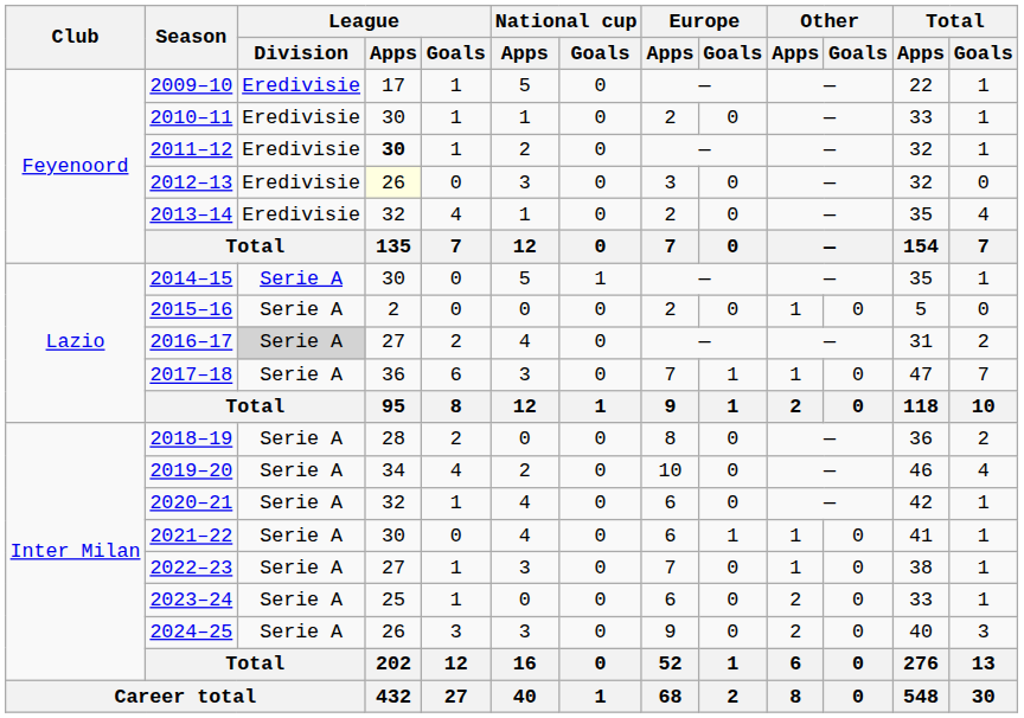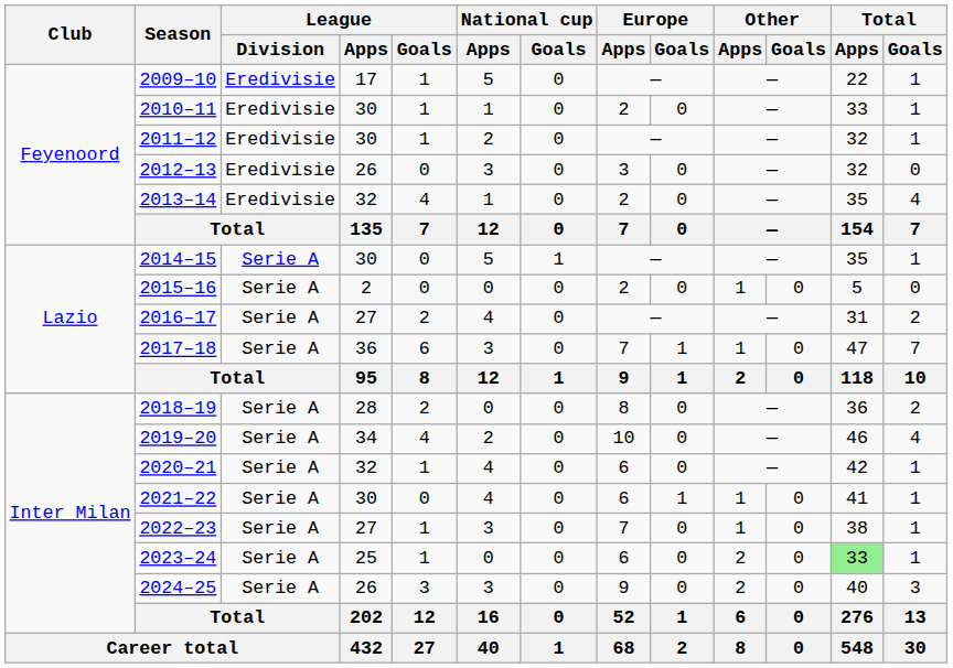 <table class="wikitable" style="text-align:center">
 <tr>
 <th rowspan="2">Club</th>
 <th rowspan="2">Season</th>
 <th colspan="3">League</th>
 <th colspan="2">National cup</th>
 <th colspan="2">Europe</th>
 <th colspan="2">Other</th>
 <th colspan="2">Total</th>
 </tr>
 <tr>
 <th>Division</th>
 <th>Apps</th>
 <th>Goals</th>
 <th>Apps</th>
 <th>Goals</th>
 <th>Apps</th>
 <th>Goals</th>
 <th>Apps</th>
 <th>Goals</th>
 <th>Apps</th>
 <th>Goals</th>
 </tr>
 <tr>
 <td rowspan="6"><a href='#'>Feyenoord</a></td>
 <td><a href='#'>2009–10</a></td>
 <td><a href='#'>Eredivisie</a></td>
 <td>17</td>
 <td>1</td>
 <td>5</td>
 <td>0</td>
 <td colspan="2">—</td>
 <td colspan="2">—</td>
 <td>22</td>
 <td>1</td>
 </tr>
 <tr>
 <td><a href='#'>2010–11</a></td>
 <td>Eredivisie</td>
 <td>30</td>
 <td>1</td>
 <td>1</td>
 <td>0</td>
 <td>2</td>
 <td>0</td>
 <td colspan="2">—</td>
 <td>33</td>
 <td>1</td>
 </tr>
 <tr>
 <td><a href='#'>2011–12</a></td>
 <td>Eredivisie</td>
-<td><strong>30</strong></td>
+<td>30</td>
 <td>1</td>
 <td>2</td>
 <td>0</td>
 <td colspan="2">—</td>
 <td colspan="2">—</td>
 <td>32</td>
 <td>1</td>
 </tr>
 <tr>
 <td><a href='#'>2012–13</a></td>
 <td>Eredivisie</td>
-<td style="background: lightyellow;">26</td>
+<td>26</td>
 <td>0</td>
 <td>3</td>
 <td>0</td>
 <td>3</td>
 <td>0</td>
 <td colspan="2">—</td>
 <td>32</td>
 <td>0</td>
 </tr>
 <tr>
 <td><a href='#'>2013–14</a></td>
 <td>Eredivisie</td>
 <td>32</td>
 <td>4</td>
 <td>1</td>
 <td>0</td>
 <td>2</td>
 <td>0</td>
 <td colspan="2">—</td>
 <td>35</td>
 <td>4</td>
 </tr>
 <tr>
 <th colspan="2">Total</th>
 <th>135</th>
 <th>7</th>
 <th>12</th>
 <th>0</th>
 <th>7</th>
 <th>0</th>
 <th colspan="2">—</th>
 <th>154</th>
 <th>7</th>
 </tr>
 <tr>
 <td rowspan="5"><a href='#'>Lazio</a></td>
 <td><a href='#'>2014–15</a></td>
 <td><a href='#'>Serie A</a></td>
 <td>30</td>
 <td>0</td>
 <td>5</td>
 <td>1</td>
 <td colspan="2">—</td>
 <td colspan="2">—</td>
 <td>35</td>
 <td>1</td>
 </tr>
 <tr>
 <td><a href='#'>2015–16</a></td>
 <td>Serie A</td>
 <td>2</td>
 <td>0</td>
 <td>0</td>
 <td>0</td>
 <td>2</td>
 <td>0</td>
 <td>1</td>
 <td>0</td>
 <td>5</td>
 <td>0</td>
 </tr>
 <tr>
 <td><a href='#'>2016–17</a></td>
-<td style="background: lightgrey;">Serie A</td>
+<td>Serie A</td>
 <td>27</td>
 <td>2</td>
 <td>4</td>
 <td>0</td>
 <td colspan="2">—</td>
 <td colspan="2">—</td>
 <td>31</td>
 <td>2</td>
 </tr>
 <tr>
 <td><a href='#'>2017–18</a></td>
 <td>Serie A</td>
 <td>36</td>
 <td>6</td>
 <td>3</td>
 <td>0</td>
 <td>7</td>
 <td>1</td>
 <td>1</td>
 <td>0</td>
 <td>47</td>
 <td>7</td>
 </tr>
 <tr>
 <th colspan="2">Total</th>
 <th>95</th>
 <th>8</th>
 <th>12</th>
 <th>1</th>
 <th>9</th>
 <th>1</th>
 <th>2</th>
 <th>0</th>
 <th>118</th>
 <th>10</th>
 </tr>
 <tr>
 <td rowspan="8"><a href='#'>Inter Milan</a></td>
 <td><a href='#'>2018–19</a></td>
 <td>Serie A</td>
 <td>28</td>
 <td>2</td>
 <td>0</td>
 <td>0</td>
 <td>8</td>
 <td>0</td>
 <td colspan="2">—</td>
 <td>36</td>
 <td>2</td>
 </tr>
 <tr>
 <td><a href='#'>2019–20</a></td>
 <td>Serie A</td>
 <td>34</td>
 <td>4</td>
 <td>2</td>
 <td>0</td>
 <td>10</td>
 <td>0</td>
 <td colspan="2">—</td>
 <td>46</td>
 <td>4</td>
 </tr>
 <tr>
 <td><a href='#'>2020–21</a></td>
 <td>Serie A</td>
 <td>32</td>
 <td>1</td>
 <td>4</td>
 <td>0</td>
 <td>6</td>
 <td>0</td>
 <td colspan="2">—</td>
 <td>42</td>
 <td>1</td>
 </tr>
 <tr>
 <td><a href='#'>2021–22</a></td>
 <td>Serie A</td>
 <td>30</td>
 <td>0</td>
 <td>4</td>
 <td>0</td>
 <td>6</td>
 <td>1</td>
 <td>1</td>
 <td>0</td>
 <td>41</td>
 <td>1</td>
 </tr>
 <tr>
 <td><a href='#'>2022–23</a></td>
 <td>Serie A</td>
 <td>27</td>
 <td>1</td>
 <td>3</td>
 <td>0</td>
 <td>7</td>
 <td>0</td>
 <td>1</td>
 <td>0</td>
 <td>38</td>
 <td>1</td>
 </tr>
 <tr>
 <td><a href='#'>2023–24</a></td>
 <td>Serie A</td>
 <td>25</td>
 <td>1</td>
 <td>0</td>
 <td>0</td>
 <td>6</td>
 <td>0</td>
 <td>2</td>
 <td>0</td>
-<td>33</td>
+<td style="background: lightgreen;">33</td>
 <td>1</td>
 </tr>
 <tr>
 <td><a href='#'>2024–25</a></td>
 <td>Serie A</td>
 <td>26</td>
 <td>3</td>
 <td>3</td>
 <td>0</td>
 <td>9</td>
 <td>0</td>
 <td>2</td>
 <td>0</td>
 <td>40</td>
 <td>3</td>
 </tr>
 <tr>
 <th colspan="2">Total</th>
 <th>202</th>
 <th>12</th>
 <th>16</th>
 <th>0</th>
 <th>52</th>
 <th>1</th>
 <th>6</th>
 <th>0</th>
 <th>276</th>
 <th>13</th>
 </tr>
 <tr>
 <th colspan="3">Career total</th>
 <th>432</th>
 <th>27</th>
 <th>40</th>
 <th>1</th>
 <th>68</th>
 <th>2</th>
 <th>8</th>
 <th>0</th>
 <th>548</th>
 <th>30</th>
 </tr>
 </table>
